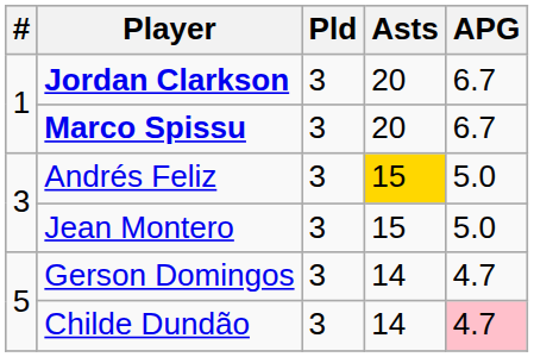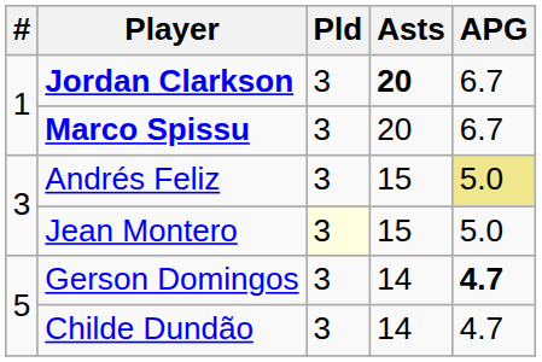 <table class=wikitable width=auto>
 <tr>
 <th>#</th>
 <th>Player</th>
 <th>Pld</th>
 <th>Asts</th>
 <th>APG</th>
 </tr>
 <tr>
 <td rowspan=2>1</td>
 <td> <strong><a href='#'>Jordan Clarkson</a></strong></td>
 <td>3</td>
-<td>20</td>
+<td><strong>20</strong></td>
 <td>6.7</td>
 </tr>
 <tr>
 <td> <strong><a href='#'>Marco Spissu</a></strong></td>
 <td>3</td>
 <td>20</td>
 <td>6.7</td>
 </tr>
 <tr>
 <td rowspan=2>3</td>
 <td> <a href='#'>Andrés Feliz</a></td>
 <td>3</td>
-<td style="background: gold;">15</td>
-<td>5.0</td>
+<td>15</td>
+<td style="background: khaki;">5.0</td>
 </tr>
 <tr>
 <td> <a href='#'>Jean Montero</a></td>
-<td>3</td>
+<td style="background: lightyellow;">3</td>
 <td>15</td>
 <td>5.0</td>
 </tr>
 <tr>
 <td rowspan=2>5</td>
 <td> <a href='#'>Gerson Domingos</a></td>
 <td>3</td>
 <td>14</td>
-<td>4.7</td>
+<td><strong>4.7</strong></td>
 </tr>
 <tr>
 <td> <a href='#'>Childe Dundão</a></td>
 <td>3</td>
 <td>14</td>
-<td style="background: pink;">4.7</td>
+<td>4.7</td>
 </tr>
 </table>
